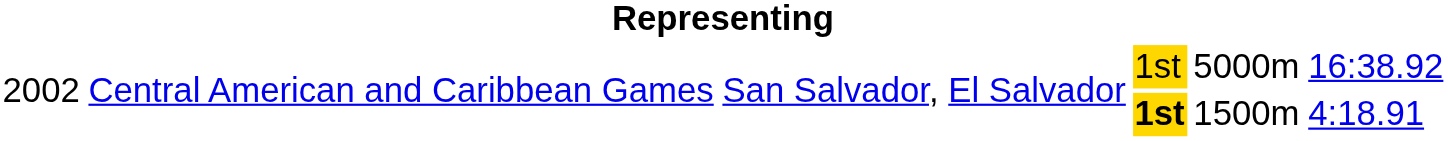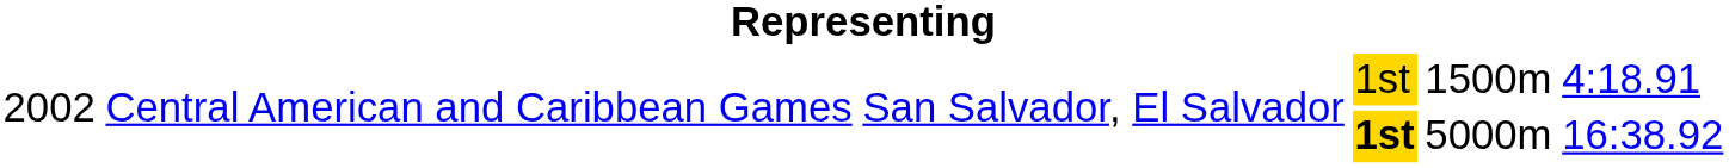 <table>
 <tr>
 <th colspan="6">Representing </th>
 </tr>
 <tr>
 <td rowspan=2>2002</td>
 <td rowspan=2><a href='#'>Central American and Caribbean Games</a></td>
 <td rowspan=2><a href='#'>San Salvador</a>, <a href='#'>El Salvador</a></td>
 <td bgcolor=gold>1st</td>
+<td>1500m</td>
+<td><a href='#'>4:18.91</a></td>
+</tr>
+<tr>
+<td bgcolor=gold><strong>1st</strong></td>
 <td>5000m</td>
 <td><a href='#'>16:38.92</a></td>
 </tr>
-<tr>
-<td bgcolor=gold><strong>1st</strong></td>
-<td>1500m</td>
-<td><a href='#'>4:18.91</a></td>
-</tr>
 </table>
